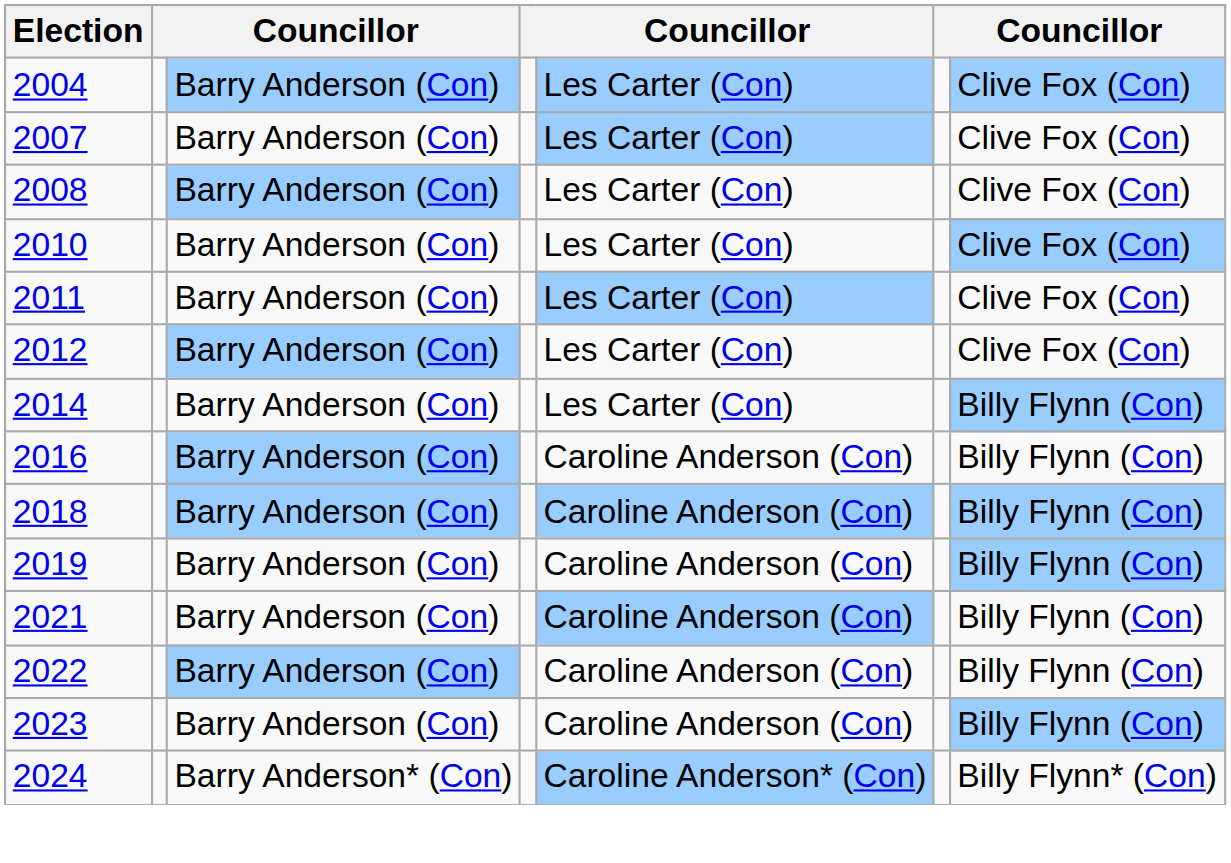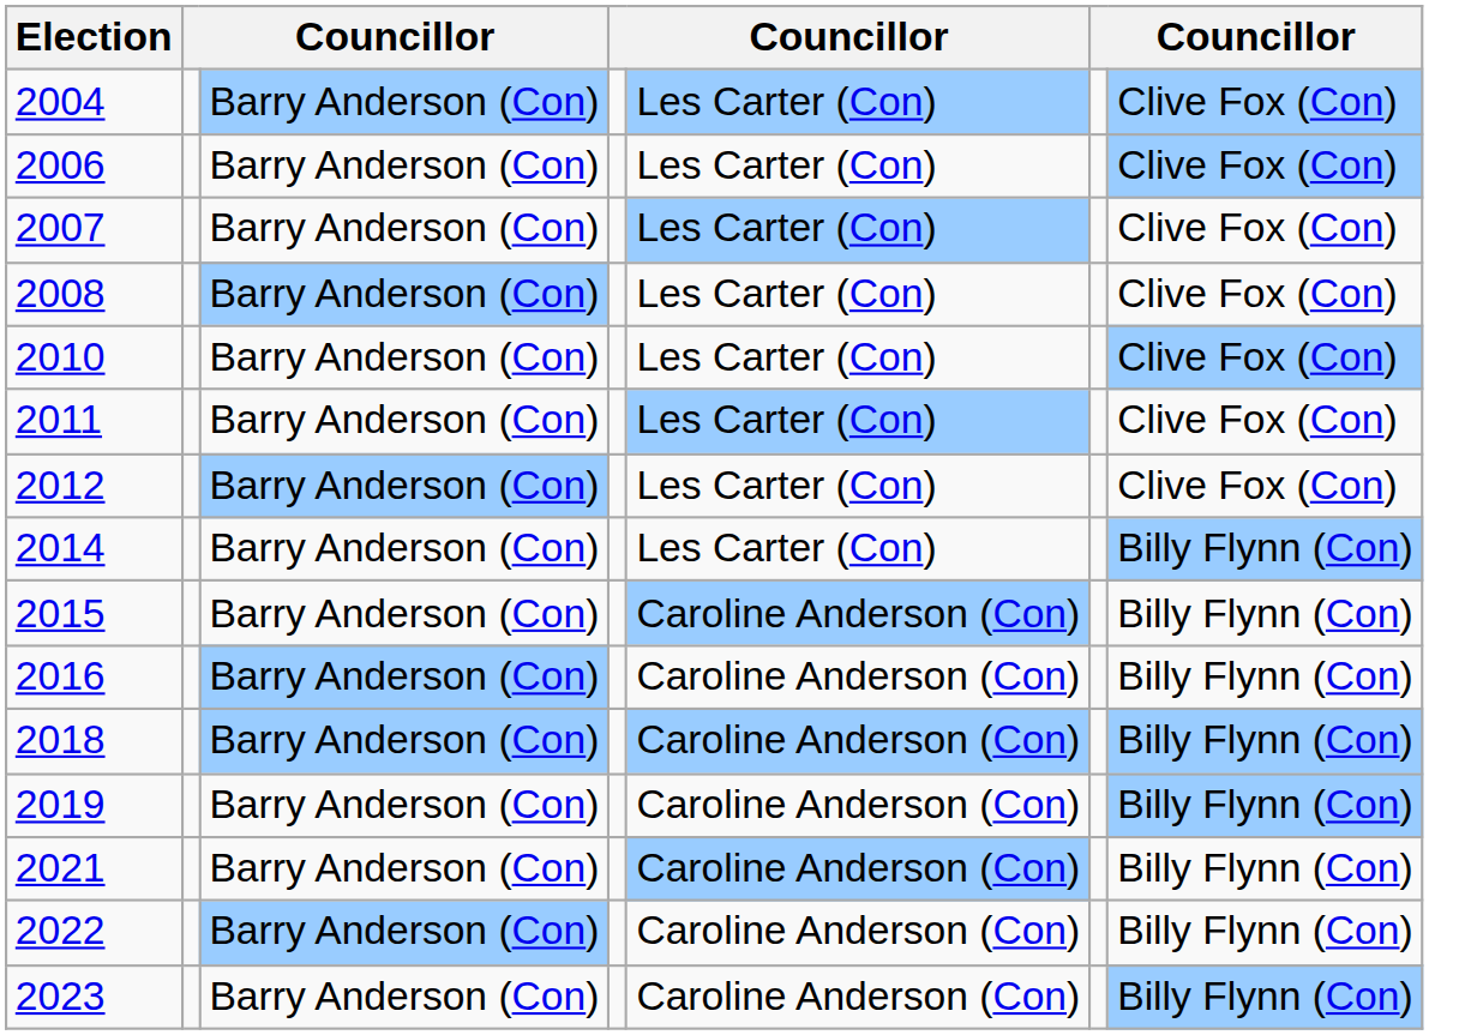 <table class="wikitable">
 <tr>
 <th>Election</th>
 <th colspan="2">Councillor</th>
 <th colspan="2">Councillor</th>
 <th colspan="2">Councillor</th>
 </tr>
 <tr>
 <td><a href='#'>2004</a></td>
 <td style="background-color: "></td>
 <td bgcolor="#99CCFF">Barry Anderson (<a href='#'>Con</a>)</td>
 <td style="background-color: "></td>
 <td bgcolor="#99CCFF">Les Carter (<a href='#'>Con</a>)</td>
+<td style="background-color: "></td>
+<td bgcolor="#99CCFF">Clive Fox (<a href='#'>Con</a>)</td>
+</tr>
+<tr>
+<td><a href='#'>2006</a></td>
+<td style="background-color: "></td>
+<td>Barry Anderson (<a href='#'>Con</a>)</td>
+<td style="background-color: "></td>
+<td>Les Carter (<a href='#'>Con</a>)</td>
 <td style="background-color: "></td>
 <td bgcolor="#99CCFF">Clive Fox (<a href='#'>Con</a>)</td>
 </tr>
 <tr>
 <td><a href='#'>2007</a></td>
 <td style="background-color: "></td>
 <td>Barry Anderson (<a href='#'>Con</a>)</td>
 <td style="background-color: "></td>
 <td bgcolor="#99CCFF">Les Carter (<a href='#'>Con</a>)</td>
 <td style="background-color: "></td>
 <td>Clive Fox (<a href='#'>Con</a>)</td>
 </tr>
 <tr>
 <td><a href='#'>2008</a></td>
 <td style="background-color: "></td>
 <td bgcolor="#99CCFF">Barry Anderson (<a href='#'>Con</a>)</td>
 <td style="background-color: "></td>
 <td>Les Carter (<a href='#'>Con</a>)</td>
 <td style="background-color: "></td>
 <td>Clive Fox (<a href='#'>Con</a>)</td>
 </tr>
 <tr>
 <td><a href='#'>2010</a></td>
 <td style="background-color: "></td>
 <td>Barry Anderson (<a href='#'>Con</a>)</td>
 <td style="background-color: "></td>
 <td>Les Carter (<a href='#'>Con</a>)</td>
 <td style="background-color: "></td>
 <td bgcolor="#99CCFF">Clive Fox (<a href='#'>Con</a>)</td>
 </tr>
 <tr>
 <td><a href='#'>2011</a></td>
 <td style="background-color: "></td>
 <td>Barry Anderson (<a href='#'>Con</a>)</td>
 <td style="background-color: "></td>
 <td bgcolor="#99CCFF">Les Carter (<a href='#'>Con</a>)</td>
 <td style="background-color: "></td>
 <td>Clive Fox (<a href='#'>Con</a>)</td>
 </tr>
 <tr>
 <td><a href='#'>2012</a></td>
 <td style="background-color: "></td>
 <td bgcolor="#99CCFF">Barry Anderson (<a href='#'>Con</a>)</td>
 <td style="background-color: "></td>
 <td>Les Carter (<a href='#'>Con</a>)</td>
 <td style="background-color: "></td>
 <td>Clive Fox (<a href='#'>Con</a>)</td>
 </tr>
 <tr>
 <td><a href='#'>2014</a></td>
 <td style="background-color: "></td>
 <td>Barry Anderson (<a href='#'>Con</a>)</td>
 <td style="background-color: "></td>
 <td>Les Carter (<a href='#'>Con</a>)</td>
 <td style="background-color: "></td>
 <td bgcolor="#99CCFF">Billy Flynn (<a href='#'>Con</a>)</td>
 </tr>
 <tr>
+<td><a href='#'>2015</a></td>
+<td style="background-color: "></td>
+<td>Barry Anderson (<a href='#'>Con</a>)</td>
+<td style="background-color: "></td>
+<td bgcolor="#99CCFF">Caroline Anderson (<a href='#'>Con</a>)</td>
+<td style="background-color: "></td>
+<td>Billy Flynn (<a href='#'>Con</a>)</td>
+</tr>
+<tr>
 <td><a href='#'>2016</a></td>
 <td style="background-color: "></td>
 <td bgcolor="#99CCFF">Barry Anderson (<a href='#'>Con</a>)</td>
 <td style="background-color: "></td>
 <td>Caroline Anderson (<a href='#'>Con</a>)</td>
 <td style="background-color: "></td>
 <td>Billy Flynn (<a href='#'>Con</a>)</td>
 </tr>
 <tr>
 <td><a href='#'>2018</a></td>
 <td style="background-color: "></td>
 <td bgcolor="#99CCFF">Barry Anderson (<a href='#'>Con</a>)</td>
 <td style="background-color: "></td>
 <td bgcolor="#99CCFF">Caroline Anderson (<a href='#'>Con</a>)</td>
 <td style="background-color: "></td>
 <td bgcolor="#99CCFF">Billy Flynn (<a href='#'>Con</a>)</td>
 </tr>
 <tr>
 <td><a href='#'>2019</a></td>
 <td style="background-color: "></td>
 <td>Barry Anderson (<a href='#'>Con</a>)</td>
 <td style="background-color: "></td>
 <td>Caroline Anderson (<a href='#'>Con</a>)</td>
 <td style="background-color: "></td>
 <td bgcolor="#99CCFF">Billy Flynn (<a href='#'>Con</a>)</td>
 </tr>
 <tr>
 <td><a href='#'>2021</a></td>
 <td style="background-color: "></td>
 <td>Barry Anderson (<a href='#'>Con</a>)</td>
 <td style="background-color: "></td>
 <td bgcolor="#99CCFF">Caroline Anderson (<a href='#'>Con</a>)</td>
 <td style="background-color: "></td>
 <td>Billy Flynn (<a href='#'>Con</a>)</td>
 </tr>
 <tr>
 <td><a href='#'>2022</a></td>
 <td style="background-color: "></td>
 <td bgcolor="#99CCFF">Barry Anderson (<a href='#'>Con</a>)</td>
 <td style="background-color: "></td>
 <td>Caroline Anderson (<a href='#'>Con</a>)</td>
 <td style="background-color: "></td>
 <td>Billy Flynn (<a href='#'>Con</a>)</td>
 </tr>
 <tr>
 <td><a href='#'>2023</a></td>
 <td style="background-color: "></td>
 <td>Barry Anderson (<a href='#'>Con</a>)</td>
 <td style="background-color: "></td>
 <td>Caroline Anderson (<a href='#'>Con</a>)</td>
 <td style="background-color: "></td>
 <td bgcolor="#99CCFF">Billy Flynn (<a href='#'>Con</a>)</td>
 </tr>
-<tr>
-<td><a href='#'>2024</a></td>
-<td style="background-color: "></td>
-<td>Barry Anderson* (<a href='#'>Con</a>)</td>
-<td style="background-color: "></td>
-<td bgcolor="#99CCFF">Caroline Anderson* (<a href='#'>Con</a>)</td>
-<td style="background-color: "></td>
-<td>Billy Flynn* (<a href='#'>Con</a>)</td>
-</tr>
 </table>
